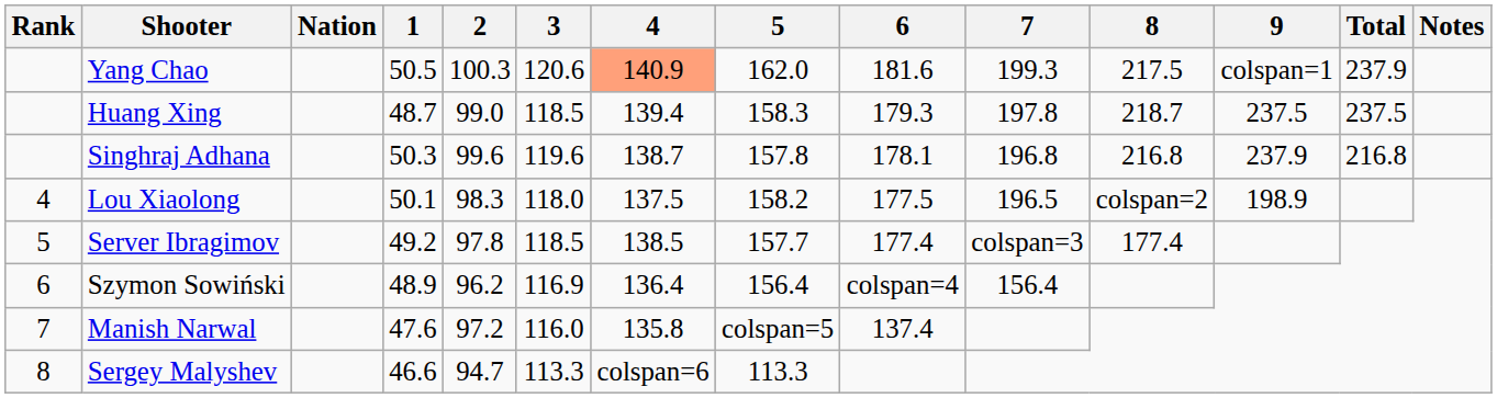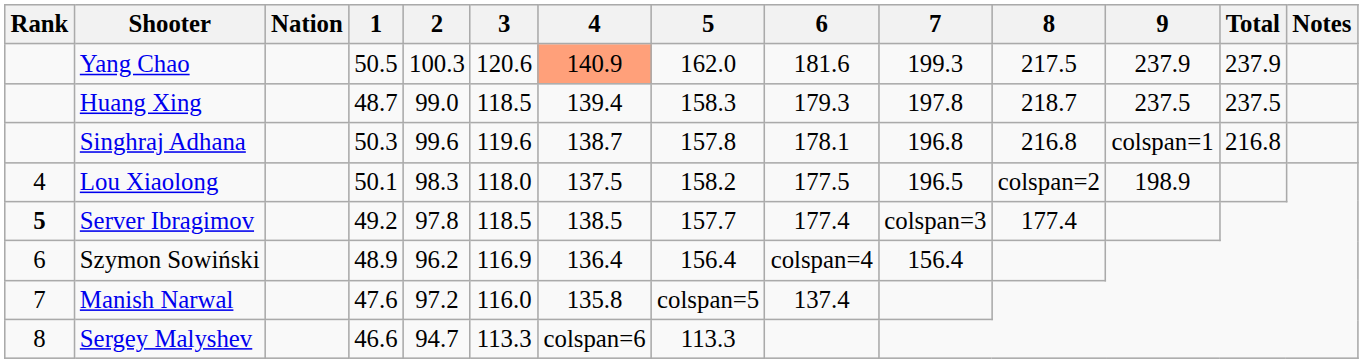 <table class="wikitable sortable" style="text-align:center">
 <tr>
 <th>Rank</th>
 <th>Shooter</th>
 <th>Nation</th>
 <th>1</th>
 <th>2</th>
 <th>3</th>
 <th>4</th>
 <th>5</th>
 <th>6</th>
 <th>7</th>
 <th>8</th>
 <th>9</th>
 <th>Total</th>
 <th>Notes</th>
 </tr>
 <tr>
 <td></td>
 <td align=left><a href='#'>Yang Chao</a></td>
 <td align=left></td>
 <td>50.5</td>
 <td>100.3</td>
 <td>120.6</td>
 <td style="background: lightsalmon;">140.9</td>
 <td>162.0</td>
 <td>181.6</td>
 <td>199.3</td>
 <td>217.5</td>
-<td>colspan=1 </td>
+<td>237.9</td>
 <td>237.9</td>
 <td></td>
 </tr>
 <tr>
 <td></td>
 <td align=left><a href='#'>Huang Xing</a></td>
 <td align=left></td>
 <td>48.7</td>
 <td>99.0</td>
 <td>118.5</td>
 <td>139.4</td>
 <td>158.3</td>
 <td>179.3</td>
 <td>197.8</td>
 <td>218.7</td>
 <td>237.5</td>
 <td>237.5</td>
 <td></td>
 </tr>
 <tr>
 <td></td>
 <td align=left><a href='#'>Singhraj Adhana</a></td>
 <td align=left></td>
 <td>50.3</td>
 <td>99.6</td>
 <td>119.6</td>
 <td>138.7</td>
 <td>157.8</td>
 <td>178.1</td>
 <td>196.8</td>
 <td>216.8</td>
-<td>237.9</td>
+<td>colspan=1 </td>
 <td>216.8</td>
 <td></td>
 </tr>
 <tr>
 <td>4</td>
 <td align=left><a href='#'>Lou Xiaolong</a></td>
 <td align=left></td>
 <td>50.1</td>
 <td>98.3</td>
 <td>118.0</td>
 <td>137.5</td>
 <td>158.2</td>
 <td>177.5</td>
 <td>196.5</td>
 <td>colspan=2 </td>
 <td>198.9</td>
 <td></td>
 </tr>
 <tr>
-<td>5</td>
+<td><strong>5</strong></td>
 <td align=left><a href='#'>Server Ibragimov</a></td>
 <td align=left></td>
 <td>49.2</td>
 <td>97.8</td>
 <td>118.5</td>
 <td>138.5</td>
 <td>157.7</td>
 <td>177.4</td>
 <td>colspan=3 </td>
 <td>177.4</td>
 <td></td>
 </tr>
 <tr>
 <td>6</td>
 <td align=left>Szymon Sowiński</td>
 <td align=left></td>
 <td>48.9</td>
 <td>96.2</td>
 <td>116.9</td>
 <td>136.4</td>
 <td>156.4</td>
 <td>colspan=4 </td>
 <td>156.4</td>
 <td></td>
 </tr>
 <tr>
 <td>7</td>
 <td align=left><a href='#'>Manish Narwal</a></td>
 <td align=left></td>
 <td>47.6</td>
 <td>97.2</td>
 <td>116.0</td>
 <td>135.8</td>
 <td>colspan=5 </td>
 <td>137.4</td>
 <td></td>
 </tr>
 <tr>
 <td>8</td>
 <td align=left><a href='#'>Sergey Malyshev</a></td>
 <td align=left></td>
 <td>46.6</td>
 <td>94.7</td>
 <td>113.3</td>
 <td>colspan=6 </td>
 <td>113.3</td>
 <td></td>
 </tr>
 </table>
